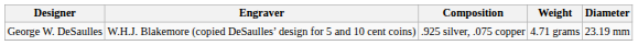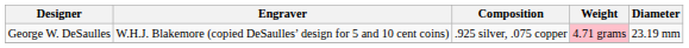 <table class="wikitable">
 <tr>
 <th>Designer</th>
 <th>Engraver</th>
 <th>Composition</th>
 <th>Weight</th>
 <th>Diameter</th>
 </tr>
 <tr>
 <td>George W. DeSaulles</td>
 <td>W.H.J. Blakemore (copied DeSaulles’ design for 5 and 10 cent coins)</td>
 <td>.925 silver, .075 copper</td>
-<td>4.71 grams</td>
+<td style="background: pink;">4.71 grams</td>
 <td>23.19 mm</td>
 </tr>
 <tr>
 </tr>
 </table>
